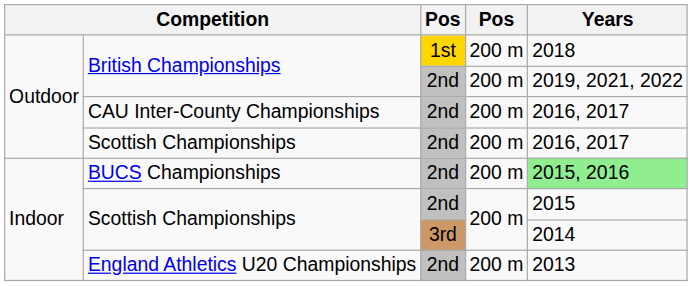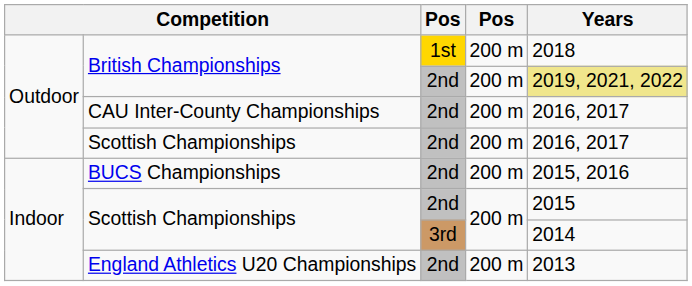 <table class="wikitable sortable collapsible collapsed">
 <tr>
 <th colspan = "2">Competition</th>
 <th>Pos</th>
 <th>Pos</th>
 <th>Years</th>
 </tr>
 <tr>
 <td rowspan = "4" style="text-align: center;">Outdoor</td>
 <td rowspan = "2"><a href='#'>British Championships</a></td>
 <td bgcolor=gold style="text-align: center;">1st</td>
 <td>200 m</td>
 <td>2018</td>
 </tr>
 <tr>
 <td bgcolor=silver style="text-align: center;">2nd</td>
 <td>200 m</td>
-<td>2019, 2021, 2022</td>
+<td style="background: khaki;">2019, 2021, 2022</td>
 </tr>
 <tr>
 <td>CAU Inter-County Championships</td>
 <td bgcolor=silver style="text-align: center;">2nd</td>
 <td>200 m</td>
 <td>2016, 2017</td>
 </tr>
 <tr>
 <td>Scottish Championships</td>
 <td bgcolor=silver style="text-align: center;">2nd</td>
 <td>200 m</td>
 <td>2016, 2017</td>
 </tr>
 <tr>
 <td rowspan = "4">Indoor</td>
 <td><a href='#'>BUCS</a> Championships</td>
 <td bgcolor=silver style="text-align: center;">2nd</td>
 <td>200 m</td>
-<td style="background: lightgreen;">2015, 2016</td>
+<td>2015, 2016</td>
 </tr>
 <tr>
 <td rowspan= "2">Scottish Championships</td>
 <td bgcolor=silver style="text-align: center;">2nd</td>
 <td rowspan= "2">200 m</td>
 <td>2015</td>
 </tr>
 <tr>
 <td bgcolor=cc9966 style="text-align: center;">3rd</td>
 <td>2014</td>
 </tr>
 <tr>
 <td><a href='#'>England Athletics</a> U20 Championships</td>
 <td bgcolor=silver style="text-align: center;">2nd</td>
 <td>200 m</td>
 <td>2013</td>
 </tr>
 </table>
